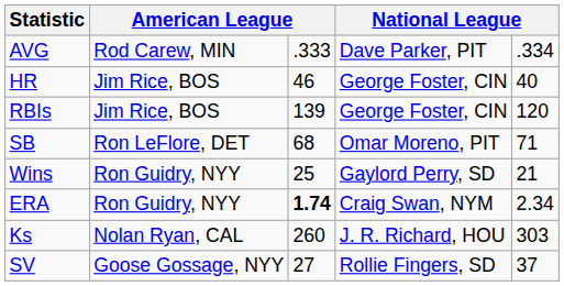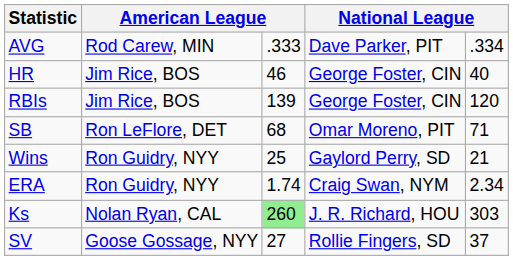 <table class="wikitable">
 <tr>
 <th>Statistic</th>
 <th colspan=2><a href='#'>American League</a></th>
 <th colspan=2><a href='#'>National League</a></th>
 </tr>
 <tr>
 <td><a href='#'>AVG</a></td>
 <td><a href='#'>Rod Carew</a>, MIN</td>
 <td>.333</td>
 <td><a href='#'>Dave Parker</a>, PIT</td>
 <td>.334</td>
 </tr>
 <tr>
 <td><a href='#'>HR</a></td>
 <td><a href='#'>Jim Rice</a>, BOS</td>
 <td>46</td>
 <td><a href='#'>George Foster</a>, CIN</td>
 <td>40</td>
 </tr>
 <tr>
 <td><a href='#'>RBIs</a></td>
 <td><a href='#'>Jim Rice</a>, BOS</td>
 <td>139</td>
 <td><a href='#'>George Foster</a>, CIN</td>
 <td>120</td>
 </tr>
 <tr>
 <td><a href='#'>SB</a></td>
 <td><a href='#'>Ron LeFlore</a>, DET</td>
 <td>68</td>
 <td><a href='#'>Omar Moreno</a>, PIT</td>
 <td>71</td>
 </tr>
 <tr>
 <td><a href='#'>Wins</a></td>
 <td><a href='#'>Ron Guidry</a>, NYY</td>
 <td>25</td>
 <td><a href='#'>Gaylord Perry</a>, SD</td>
 <td>21</td>
 </tr>
 <tr>
 <td><a href='#'>ERA</a></td>
 <td><a href='#'>Ron Guidry</a>, NYY</td>
-<td><strong>1.74</strong></td>
+<td>1.74</td>
 <td><a href='#'>Craig Swan</a>, NYM</td>
 <td>2.34</td>
 </tr>
 <tr>
 <td><a href='#'>Ks</a></td>
 <td><a href='#'>Nolan Ryan</a>, CAL</td>
-<td>260</td>
+<td style="background: lightgreen;">260</td>
 <td><a href='#'>J. R. Richard</a>, HOU</td>
 <td>303</td>
 </tr>
 <tr>
 <td><a href='#'>SV</a></td>
 <td><a href='#'>Goose Gossage</a>, NYY</td>
 <td>27</td>
 <td><a href='#'>Rollie Fingers</a>, SD</td>
 <td>37</td>
 </tr>
 </table>
